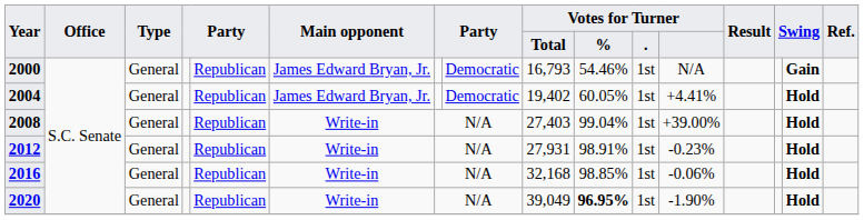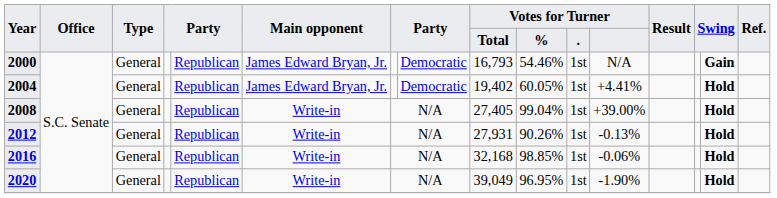 <table class="wikitable" style="font-size: 90%; text-align:center;">
 <tr>
 <th style="background-color:#EAECF0;" rowspan=2>Year</th>
 <th style="background-color:#EAECF0;" rowspan=2>Office</th>
 <th style="background-color:#EAECF0;" rowspan=2>Type</th>
 <th style="background-color:#EAECF0;" colspan=2 rowspan=2>Party</th>
 <th style="background-color:#EAECF0;" rowspan=2>Main opponent</th>
 <th style="background-color:#EAECF0;" colspan=2 rowspan=2>Party</th>
 <th style="background-color:#EAECF0;" colspan=4>Votes for Turner</th>
 <th style="background-color:#EAECF0;" rowspan=2>Result</th>
 <th style="background-color:#EAECF0;" colspan=2 rowspan=2><a href='#'>Swing</a></th>
 <th style="background-color:#EAECF0;" colspan=2 rowspan=2>Ref.</th>
 </tr>
 <tr>
 <th style="background-color:#EAECF0;">Total</th>
 <th style="background-color:#EAECF0;">%</th>
 <th style="background-color:#EAECF0;">.</th>
 <th style="background-color:#EAECF0;"></th>
 </tr>
 <tr>
 <th style="background-color:#EAECF0;">2000</th>
 <td rowspan=6>S.C. Senate</td>
 <td>General</td>
 <td style="background-color:"></td>
 <td><a href='#'>Republican</a></td>
 <td><a href='#'>James Edward Bryan, Jr.</a></td>
 <td style="background-color:"></td>
 <td><a href='#'>Democratic</a></td>
 <td>16,793</td>
 <td>54.46%</td>
 <td>1st</td>
 <td>N/A</td>
 <td></td>
 <td style="background-color:"></td>
 <td><strong>Gain</strong></td>
 <td></td>
 </tr>
 <tr>
 <th style="background-color:#EAECF0;">2004</th>
 <td>General</td>
 <td style="background-color:"></td>
 <td><a href='#'>Republican</a></td>
 <td><a href='#'>James Edward Bryan, Jr.</a></td>
 <td style="background-color:"></td>
 <td><a href='#'>Democratic</a></td>
 <td>19,402</td>
 <td>60.05%</td>
 <td>1st</td>
 <td>+4.41%</td>
 <td></td>
 <td style="background-color:"></td>
 <td><strong>Hold</strong></td>
 <td></td>
 </tr>
 <tr>
 <th style="background-color:#EAECF0;">2008</th>
 <td>General</td>
 <td style="background-color:"></td>
 <td><a href='#'>Republican</a></td>
 <td><a href='#'>Write-in</a></td>
 <td colspan=2>N/A</td>
-<td>27,403</td>
+<td>27,405</td>
 <td>99.04%</td>
 <td>1st</td>
 <td>+39.00%</td>
 <td></td>
 <td style="background-color:"></td>
 <td><strong>Hold</strong></td>
 <td></td>
 </tr>
 <tr>
 <th style="background-color:#EAECF0;"><a href='#'>2012</a></th>
 <td>General</td>
 <td style="background-color:"></td>
 <td><a href='#'>Republican</a></td>
 <td><a href='#'>Write-in</a></td>
 <td colspan=2>N/A</td>
 <td>27,931</td>
-<td>98.91%</td>
+<td>90.26%</td>
 <td>1st</td>
-<td>-0.23%</td>
+<td>-0.13%</td>
 <td></td>
 <td style="background-color:"></td>
 <td><strong>Hold</strong></td>
 <td></td>
 </tr>
 <tr>
 <th style="background-color:#EAECF0;"><a href='#'>2016</a></th>
 <td>General</td>
 <td style="background-color:"></td>
 <td><a href='#'>Republican</a></td>
 <td><a href='#'>Write-in</a></td>
 <td colspan=2>N/A</td>
 <td>32,168</td>
 <td>98.85%</td>
 <td>1st</td>
 <td>-0.06%</td>
 <td></td>
 <td style="background-color:"></td>
 <td><strong>Hold</strong></td>
 <td></td>
 </tr>
 <tr>
 <th style="background-color:#EAECF0;"><a href='#'>2020</a></th>
 <td>General</td>
 <td style="background-color:"></td>
 <td><a href='#'>Republican</a></td>
 <td><a href='#'>Write-in</a></td>
 <td colspan=2>N/A</td>
 <td>39,049</td>
-<td><strong>96.95%</strong></td>
+<td>96.95%</td>
 <td>1st</td>
 <td>-1.90%</td>
 <td></td>
 <td style="background-color:"></td>
 <td><strong>Hold</strong></td>
 <td></td>
 </tr>
 <tr>
 </tr>
 </table>
